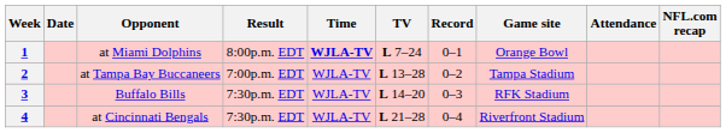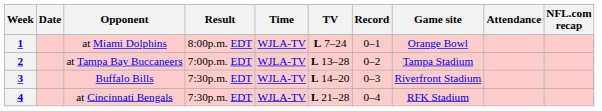 <table class="wikitable" style="text-align:center">
 <tr>
 <th>Week</th>
 <th>Date</th>
 <th>Opponent</th>
 <th>Result</th>
 <th>Time</th>
 <th>TV</th>
 <th>Record</th>
 <th>Game site</th>
 <th>Attendance</th>
 <th>NFL.com<br>recap</th>
 </tr>
 <tr style="text-align:center; background:#fcc;">
 <th><a href='#'>1</a></th>
 <td></td>
 <td>at <a href='#'>Miami Dolphins</a></td>
 <td>8:00p.m. <a href='#'>EDT</a></td>
-<td><strong><a href='#'>WJLA-TV</a></strong></td>
+<td><a href='#'>WJLA-TV</a></td>
 <td><strong>L</strong>  7–24</td>
 <td>0–1</td>
 <td><a href='#'>Orange Bowl</a></td>
 <td></td>
 <td></td>
 </tr>
 <tr style="text-align:center; background:#fcc;">
 <th><a href='#'>2</a></th>
 <td></td>
 <td>at <a href='#'>Tampa Bay Buccaneers</a></td>
 <td>7:00p.m. <a href='#'>EDT</a></td>
 <td><a href='#'>WJLA-TV</a></td>
 <td><strong>L</strong> 13–28</td>
 <td>0–2</td>
 <td><a href='#'>Tampa Stadium</a></td>
 <td></td>
 <td></td>
 </tr>
 <tr style="text-align:center; background:#fcc;">
 <th><a href='#'>3</a></th>
 <td></td>
 <td><a href='#'>Buffalo Bills</a></td>
 <td>7:30p.m. <a href='#'>EDT</a></td>
 <td><a href='#'>WJLA-TV</a></td>
 <td><strong>L</strong> 14–20</td>
 <td>0–3</td>
-<td><a href='#'>RFK Stadium</a></td>
+<td><a href='#'>Riverfront Stadium</a></td>
 <td></td>
 <td></td>
 </tr>
 <tr style="text-align:center; background:#fcc;">
 <th><a href='#'>4</a></th>
 <td></td>
 <td>at <a href='#'>Cincinnati Bengals</a></td>
 <td>7:30p.m. <a href='#'>EDT</a></td>
 <td><a href='#'>WJLA-TV</a></td>
 <td><strong>L</strong> 21–28</td>
 <td>0–4</td>
-<td><a href='#'>Riverfront Stadium</a></td>
+<td><a href='#'>RFK Stadium</a></td>
 <td></td>
 <td></td>
 </tr>
 </table>
